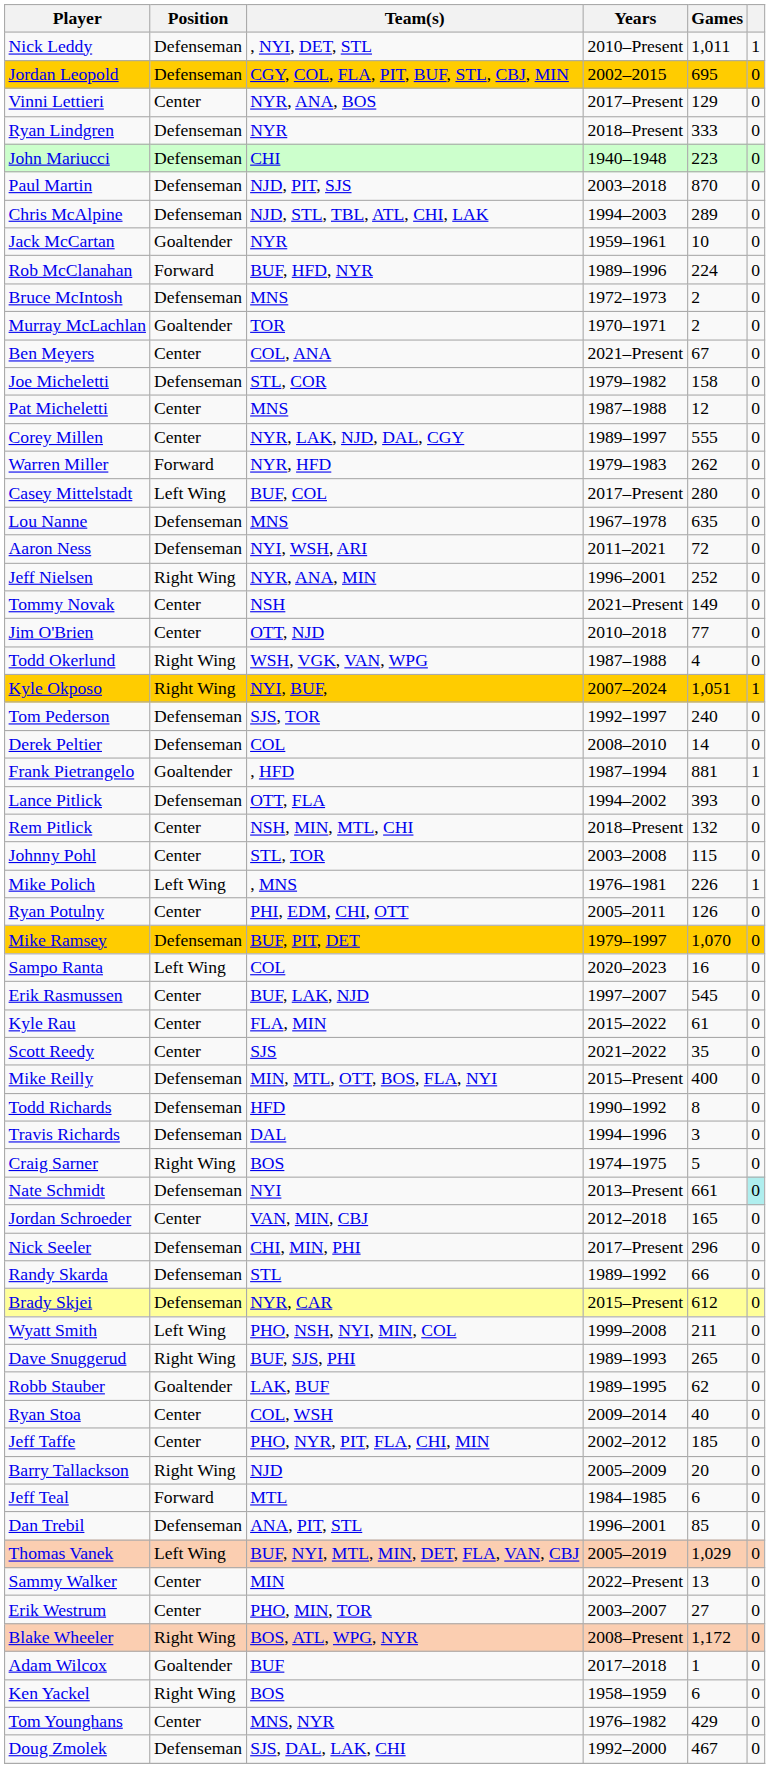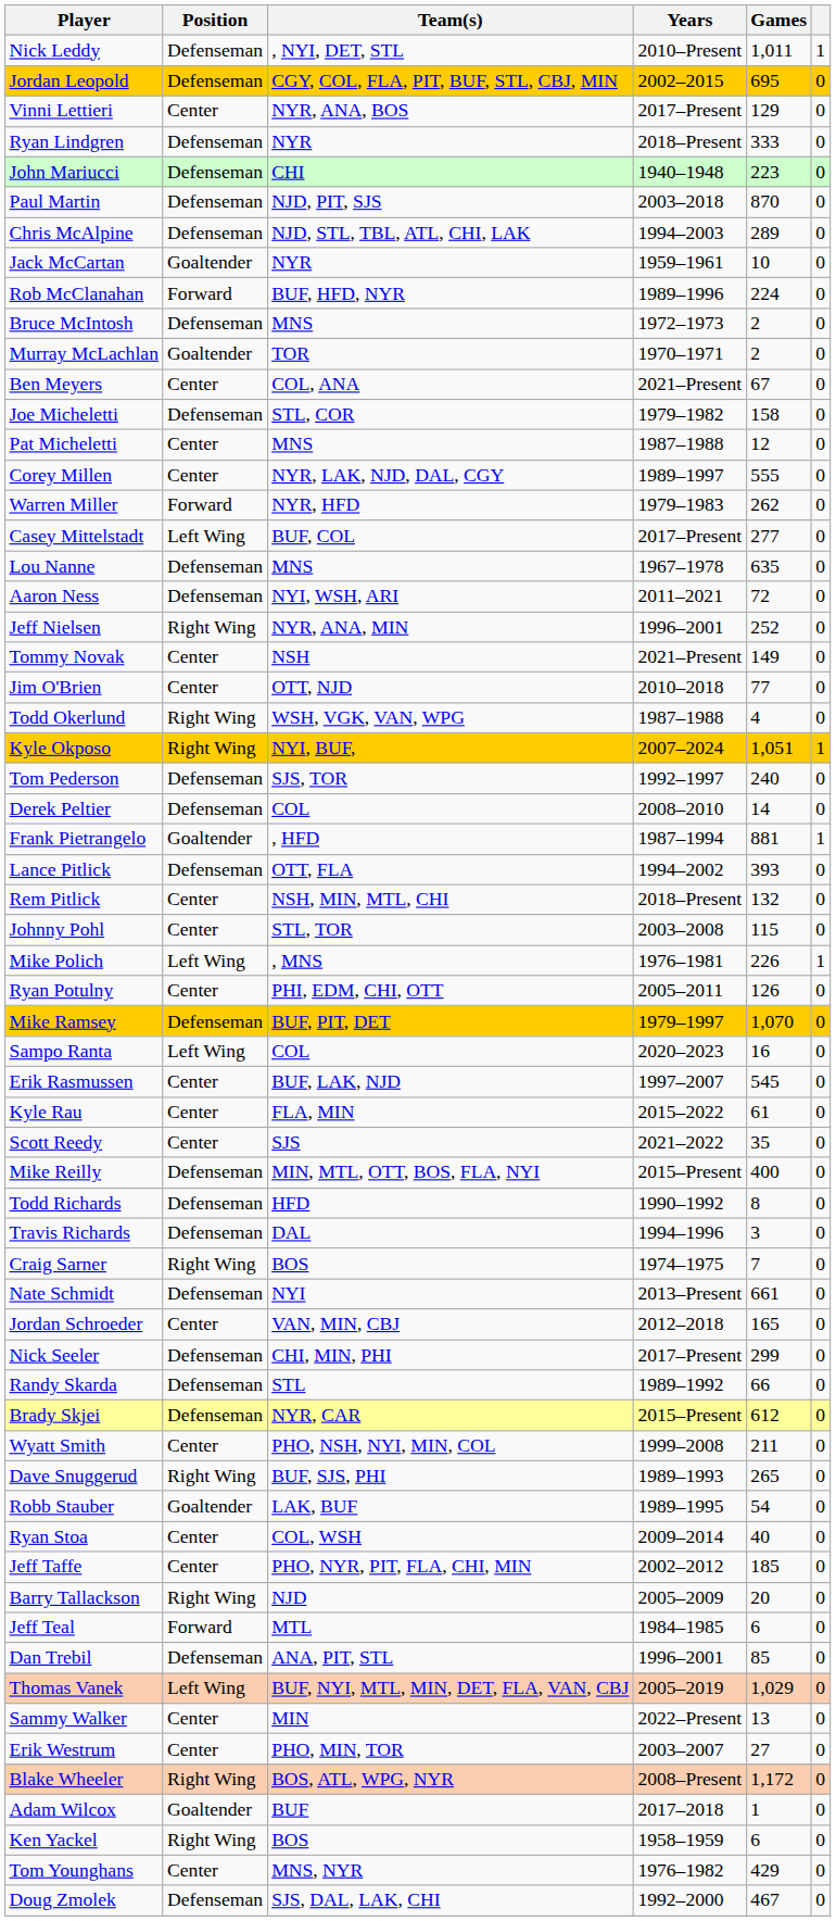 <table class="wikitable sortable">
 <tr>
 <th>Player</th>
 <th>Position</th>
 <th>Team(s)</th>
 <th>Years</th>
 <th>Games</th>
 <th><a href='#'></a></th>
 </tr>
 <tr>
 <td><a href='#'>Nick Leddy</a></td>
 <td>Defenseman</td>
 <td><span><strong></strong></span>, <a href='#'>NYI</a>, <a href='#'>DET</a>, <a href='#'>STL</a></td>
 <td>2010–Present</td>
 <td>1,011</td>
 <td>1</td>
 </tr>
 <tr bgcolor=#FFCC00>
 <td><a href='#'>Jordan Leopold</a></td>
 <td>Defenseman</td>
 <td><a href='#'>CGY</a>, <a href='#'>COL</a>, <a href='#'>FLA</a>, <a href='#'>PIT</a>, <a href='#'>BUF</a>, <a href='#'>STL</a>, <a href='#'>CBJ</a>, <a href='#'>MIN</a></td>
 <td>2002–2015</td>
 <td>695</td>
 <td>0</td>
 </tr>
 <tr>
 <td><a href='#'>Vinni Lettieri</a></td>
 <td>Center</td>
 <td><a href='#'>NYR</a>, <a href='#'>ANA</a>, <a href='#'>BOS</a></td>
 <td>2017–Present</td>
 <td>129</td>
 <td>0</td>
 </tr>
 <tr>
 <td><a href='#'>Ryan Lindgren</a></td>
 <td>Defenseman</td>
 <td><a href='#'>NYR</a></td>
 <td>2018–Present</td>
 <td>333</td>
 <td>0</td>
 </tr>
 <tr bgcolor=#ccffcc>
 <td><a href='#'>John Mariucci</a></td>
 <td>Defenseman</td>
 <td><a href='#'>CHI</a></td>
 <td>1940–1948</td>
 <td>223</td>
 <td>0</td>
 </tr>
 <tr>
 <td><a href='#'>Paul Martin</a></td>
 <td>Defenseman</td>
 <td><a href='#'>NJD</a>, <a href='#'>PIT</a>, <a href='#'>SJS</a></td>
 <td>2003–2018</td>
 <td>870</td>
 <td>0</td>
 </tr>
 <tr>
 <td><a href='#'>Chris McAlpine</a></td>
 <td>Defenseman</td>
 <td><a href='#'>NJD</a>, <a href='#'>STL</a>, <a href='#'>TBL</a>, <a href='#'>ATL</a>, <a href='#'>CHI</a>, <a href='#'>LAK</a></td>
 <td>1994–2003</td>
 <td>289</td>
 <td>0</td>
 </tr>
 <tr>
 <td><a href='#'>Jack McCartan</a></td>
 <td>Goaltender</td>
 <td><a href='#'>NYR</a></td>
 <td>1959–1961</td>
 <td>10</td>
 <td>0</td>
 </tr>
 <tr>
 <td><a href='#'>Rob McClanahan</a></td>
 <td>Forward</td>
 <td><a href='#'>BUF</a>, <a href='#'>HFD</a>, <a href='#'>NYR</a></td>
 <td>1989–1996</td>
 <td>224</td>
 <td>0</td>
 </tr>
 <tr>
 <td><a href='#'>Bruce McIntosh</a></td>
 <td>Defenseman</td>
 <td><a href='#'>MNS</a></td>
 <td>1972–1973</td>
 <td>2</td>
 <td>0</td>
 </tr>
 <tr>
 <td><a href='#'>Murray McLachlan</a></td>
 <td>Goaltender</td>
 <td><a href='#'>TOR</a></td>
 <td>1970–1971</td>
 <td>2</td>
 <td>0</td>
 </tr>
 <tr>
 <td><a href='#'>Ben Meyers</a></td>
 <td>Center</td>
 <td><a href='#'>COL</a>, <a href='#'>ANA</a></td>
 <td>2021–Present</td>
 <td>67</td>
 <td>0</td>
 </tr>
 <tr>
 <td><a href='#'>Joe Micheletti</a></td>
 <td>Defenseman</td>
 <td><a href='#'>STL</a>, <a href='#'>COR</a></td>
 <td>1979–1982</td>
 <td>158</td>
 <td>0</td>
 </tr>
 <tr>
 <td><a href='#'>Pat Micheletti</a></td>
 <td>Center</td>
 <td><a href='#'>MNS</a></td>
 <td>1987–1988</td>
 <td>12</td>
 <td>0</td>
 </tr>
 <tr>
 <td><a href='#'>Corey Millen</a></td>
 <td>Center</td>
 <td><a href='#'>NYR</a>, <a href='#'>LAK</a>, <a href='#'>NJD</a>, <a href='#'>DAL</a>, <a href='#'>CGY</a></td>
 <td>1989–1997</td>
 <td>555</td>
 <td>0</td>
 </tr>
 <tr>
 <td><a href='#'>Warren Miller</a></td>
 <td>Forward</td>
 <td><a href='#'>NYR</a>, <a href='#'>HFD</a></td>
 <td>1979–1983</td>
 <td>262</td>
 <td>0</td>
 </tr>
 <tr>
 <td><a href='#'>Casey Mittelstadt</a></td>
 <td>Left Wing</td>
 <td><a href='#'>BUF</a>, <a href='#'>COL</a></td>
 <td>2017–Present</td>
-<td>280</td>
+<td>277</td>
 <td>0</td>
 </tr>
 <tr>
 <td><a href='#'>Lou Nanne</a></td>
 <td>Defenseman</td>
 <td><a href='#'>MNS</a></td>
 <td>1967–1978</td>
 <td>635</td>
 <td>0</td>
 </tr>
 <tr>
 <td><a href='#'>Aaron Ness</a></td>
 <td>Defenseman</td>
 <td><a href='#'>NYI</a>, <a href='#'>WSH</a>, <a href='#'>ARI</a></td>
 <td>2011–2021</td>
 <td>72</td>
 <td>0</td>
 </tr>
 <tr>
 <td><a href='#'>Jeff Nielsen</a></td>
 <td>Right Wing</td>
 <td><a href='#'>NYR</a>, <a href='#'>ANA</a>, <a href='#'>MIN</a></td>
 <td>1996–2001</td>
 <td>252</td>
 <td>0</td>
 </tr>
 <tr>
 <td><a href='#'>Tommy Novak</a></td>
 <td>Center</td>
 <td><a href='#'>NSH</a></td>
 <td>2021–Present</td>
 <td>149</td>
 <td>0</td>
 </tr>
 <tr>
 <td><a href='#'>Jim O'Brien</a></td>
 <td>Center</td>
 <td><a href='#'>OTT</a>, <a href='#'>NJD</a></td>
 <td>2010–2018</td>
 <td>77</td>
 <td>0</td>
 </tr>
 <tr>
 <td><a href='#'>Todd Okerlund</a></td>
 <td>Right Wing</td>
 <td><a href='#'>WSH</a>, <a href='#'>VGK</a>, <a href='#'>VAN</a>, <a href='#'>WPG</a></td>
 <td>1987–1988</td>
 <td>4</td>
 <td>0</td>
 </tr>
 <tr bgcolor=#FFCC00>
 <td><a href='#'>Kyle Okposo</a></td>
 <td>Right Wing</td>
 <td><a href='#'>NYI</a>, <a href='#'>BUF</a>, <span><strong></strong></span></td>
 <td>2007–2024</td>
 <td>1,051</td>
 <td>1</td>
 </tr>
 <tr>
 <td><a href='#'>Tom Pederson</a></td>
 <td>Defenseman</td>
 <td><a href='#'>SJS</a>, <a href='#'>TOR</a></td>
 <td>1992–1997</td>
 <td>240</td>
 <td>0</td>
 </tr>
 <tr>
 <td><a href='#'>Derek Peltier</a></td>
 <td>Defenseman</td>
 <td><a href='#'>COL</a></td>
 <td>2008–2010</td>
 <td>14</td>
 <td>0</td>
 </tr>
 <tr>
 <td><a href='#'>Frank Pietrangelo</a></td>
 <td>Goaltender</td>
 <td><span><strong></strong></span>, <a href='#'>HFD</a></td>
 <td>1987–1994</td>
 <td>881</td>
 <td>1</td>
 </tr>
 <tr>
 <td><a href='#'>Lance Pitlick</a></td>
 <td>Defenseman</td>
 <td><a href='#'>OTT</a>, <a href='#'>FLA</a></td>
 <td>1994–2002</td>
 <td>393</td>
 <td>0</td>
 </tr>
 <tr>
 <td><a href='#'>Rem Pitlick</a></td>
 <td>Center</td>
 <td><a href='#'>NSH</a>, <a href='#'>MIN</a>, <a href='#'>MTL</a>, <a href='#'>CHI</a></td>
 <td>2018–Present</td>
 <td>132</td>
 <td>0</td>
 </tr>
 <tr>
 <td><a href='#'>Johnny Pohl</a></td>
 <td>Center</td>
 <td><a href='#'>STL</a>, <a href='#'>TOR</a></td>
 <td>2003–2008</td>
 <td>115</td>
 <td>0</td>
 </tr>
 <tr>
 <td><a href='#'>Mike Polich</a></td>
 <td>Left Wing</td>
 <td><span><strong></strong></span>, <a href='#'>MNS</a></td>
 <td>1976–1981</td>
 <td>226</td>
 <td>1</td>
 </tr>
 <tr>
 <td><a href='#'>Ryan Potulny</a></td>
 <td>Center</td>
 <td><a href='#'>PHI</a>, <a href='#'>EDM</a>, <a href='#'>CHI</a>, <a href='#'>OTT</a></td>
 <td>2005–2011</td>
 <td>126</td>
 <td>0</td>
 </tr>
 <tr bgcolor=#FFCC00>
 <td><a href='#'>Mike Ramsey</a></td>
 <td>Defenseman</td>
 <td><a href='#'>BUF</a>, <a href='#'>PIT</a>, <a href='#'>DET</a></td>
 <td>1979–1997</td>
 <td>1,070</td>
 <td>0</td>
 </tr>
 <tr>
 <td><a href='#'>Sampo Ranta</a></td>
 <td>Left Wing</td>
 <td><a href='#'>COL</a></td>
 <td>2020–2023</td>
 <td>16</td>
 <td>0</td>
 </tr>
 <tr>
 <td><a href='#'>Erik Rasmussen</a></td>
 <td>Center</td>
 <td><a href='#'>BUF</a>, <a href='#'>LAK</a>, <a href='#'>NJD</a></td>
 <td>1997–2007</td>
 <td>545</td>
 <td>0</td>
 </tr>
 <tr>
 <td><a href='#'>Kyle Rau</a></td>
 <td>Center</td>
 <td><a href='#'>FLA</a>, <a href='#'>MIN</a></td>
 <td>2015–2022</td>
 <td>61</td>
 <td>0</td>
 </tr>
 <tr>
 <td><a href='#'>Scott Reedy</a></td>
 <td>Center</td>
 <td><a href='#'>SJS</a></td>
 <td>2021–2022</td>
 <td>35</td>
 <td>0</td>
 </tr>
 <tr>
 <td><a href='#'>Mike Reilly</a></td>
 <td>Defenseman</td>
 <td><a href='#'>MIN</a>, <a href='#'>MTL</a>, <a href='#'>OTT</a>, <a href='#'>BOS</a>, <a href='#'>FLA</a>, <a href='#'>NYI</a></td>
 <td>2015–Present</td>
 <td>400</td>
 <td>0</td>
 </tr>
 <tr>
 <td><a href='#'>Todd Richards</a></td>
 <td>Defenseman</td>
 <td><a href='#'>HFD</a></td>
 <td>1990–1992</td>
 <td>8</td>
 <td>0</td>
 </tr>
 <tr>
 <td><a href='#'>Travis Richards</a></td>
 <td>Defenseman</td>
 <td><a href='#'>DAL</a></td>
 <td>1994–1996</td>
 <td>3</td>
 <td>0</td>
 </tr>
 <tr>
 <td><a href='#'>Craig Sarner</a></td>
 <td>Right Wing</td>
 <td><a href='#'>BOS</a></td>
 <td>1974–1975</td>
-<td>5</td>
+<td>7</td>
 <td>0</td>
 </tr>
 <tr>
 <td><a href='#'>Nate Schmidt</a></td>
 <td>Defenseman</td>
 <td><a href='#'>NYI</a></td>
 <td>2013–Present</td>
 <td>661</td>
-<td style="background: paleturquoise;">0</td>
+<td>0</td>
 </tr>
 <tr>
 <td><a href='#'>Jordan Schroeder</a></td>
 <td>Center</td>
 <td><a href='#'>VAN</a>, <a href='#'>MIN</a>, <a href='#'>CBJ</a></td>
 <td>2012–2018</td>
 <td>165</td>
 <td>0</td>
 </tr>
 <tr>
 <td><a href='#'>Nick Seeler</a></td>
 <td>Defenseman</td>
 <td><a href='#'>CHI</a>, <a href='#'>MIN</a>, <a href='#'>PHI</a></td>
 <td>2017–Present</td>
-<td>296</td>
+<td>299</td>
 <td>0</td>
 </tr>
 <tr>
 <td><a href='#'>Randy Skarda</a></td>
 <td>Defenseman</td>
 <td><a href='#'>STL</a></td>
 <td>1989–1992</td>
 <td>66</td>
 <td>0</td>
 </tr>
 <tr bgcolor=#FFFF99>
 <td><a href='#'>Brady Skjei</a></td>
 <td>Defenseman</td>
 <td><a href='#'>NYR</a>, <a href='#'>CAR</a></td>
 <td>2015–Present</td>
 <td>612</td>
 <td>0</td>
 </tr>
 <tr>
 <td><a href='#'>Wyatt Smith</a></td>
-<td>Left Wing</td>
+<td>Center</td>
 <td><a href='#'>PHO</a>, <a href='#'>NSH</a>, <a href='#'>NYI</a>, <a href='#'>MIN</a>, <a href='#'>COL</a></td>
 <td>1999–2008</td>
 <td>211</td>
 <td>0</td>
 </tr>
 <tr>
 <td><a href='#'>Dave Snuggerud</a></td>
 <td>Right Wing</td>
 <td><a href='#'>BUF</a>, <a href='#'>SJS</a>, <a href='#'>PHI</a></td>
 <td>1989–1993</td>
 <td>265</td>
 <td>0</td>
 </tr>
 <tr>
 <td><a href='#'>Robb Stauber</a></td>
 <td>Goaltender</td>
 <td><a href='#'>LAK</a>, <a href='#'>BUF</a></td>
 <td>1989–1995</td>
-<td>62</td>
+<td>54</td>
 <td>0</td>
 </tr>
 <tr>
 <td><a href='#'>Ryan Stoa</a></td>
 <td>Center</td>
 <td><a href='#'>COL</a>, <a href='#'>WSH</a></td>
 <td>2009–2014</td>
 <td>40</td>
 <td>0</td>
 </tr>
 <tr>
 <td><a href='#'>Jeff Taffe</a></td>
 <td>Center</td>
 <td><a href='#'>PHO</a>, <a href='#'>NYR</a>, <a href='#'>PIT</a>, <a href='#'>FLA</a>, <a href='#'>CHI</a>, <a href='#'>MIN</a></td>
 <td>2002–2012</td>
 <td>185</td>
 <td>0</td>
 </tr>
 <tr>
 <td><a href='#'>Barry Tallackson</a></td>
 <td>Right Wing</td>
 <td><a href='#'>NJD</a></td>
 <td>2005–2009</td>
 <td>20</td>
 <td>0</td>
 </tr>
 <tr>
 <td><a href='#'>Jeff Teal</a></td>
 <td>Forward</td>
 <td><a href='#'>MTL</a></td>
 <td>1984–1985</td>
 <td>6</td>
 <td>0</td>
 </tr>
 <tr>
 <td><a href='#'>Dan Trebil</a></td>
 <td>Defenseman</td>
 <td><a href='#'>ANA</a>, <a href='#'>PIT</a>, <a href='#'>STL</a></td>
 <td>1996–2001</td>
 <td>85</td>
 <td>0</td>
 </tr>
 <tr bgcolor=#FBCEB1>
 <td><a href='#'>Thomas Vanek</a></td>
 <td>Left Wing</td>
 <td><a href='#'>BUF</a>, <a href='#'>NYI</a>, <a href='#'>MTL</a>, <a href='#'>MIN</a>, <a href='#'>DET</a>, <a href='#'>FLA</a>, <a href='#'>VAN</a>, <a href='#'>CBJ</a></td>
 <td>2005–2019</td>
 <td>1,029</td>
 <td>0</td>
 </tr>
 <tr>
 <td><a href='#'>Sammy Walker</a></td>
 <td>Center</td>
 <td><a href='#'>MIN</a></td>
 <td>2022–Present</td>
 <td>13</td>
 <td>0</td>
 </tr>
 <tr>
 <td><a href='#'>Erik Westrum</a></td>
 <td>Center</td>
 <td><a href='#'>PHO</a>, <a href='#'>MIN</a>, <a href='#'>TOR</a></td>
 <td>2003–2007</td>
 <td>27</td>
 <td>0</td>
 </tr>
 <tr bgcolor=#FBCEB1>
 <td><a href='#'>Blake Wheeler</a></td>
 <td>Right Wing</td>
 <td><a href='#'>BOS</a>, <a href='#'>ATL</a>, <a href='#'>WPG</a>, <a href='#'>NYR</a></td>
 <td>2008–Present</td>
 <td>1,172</td>
 <td>0</td>
 </tr>
 <tr>
 <td><a href='#'>Adam Wilcox</a></td>
 <td>Goaltender</td>
 <td><a href='#'>BUF</a></td>
 <td>2017–2018</td>
 <td>1</td>
 <td>0</td>
 </tr>
 <tr>
 <td><a href='#'>Ken Yackel</a></td>
 <td>Right Wing</td>
 <td><a href='#'>BOS</a></td>
 <td>1958–1959</td>
 <td>6</td>
 <td>0</td>
 </tr>
 <tr>
 <td><a href='#'>Tom Younghans</a></td>
 <td>Center</td>
 <td><a href='#'>MNS</a>, <a href='#'>NYR</a></td>
 <td>1976–1982</td>
 <td>429</td>
 <td>0</td>
 </tr>
 <tr>
 <td><a href='#'>Doug Zmolek</a></td>
 <td>Defenseman</td>
 <td><a href='#'>SJS</a>, <a href='#'>DAL</a>, <a href='#'>LAK</a>, <a href='#'>CHI</a></td>
 <td>1992–2000</td>
 <td>467</td>
 <td>0</td>
 </tr>
 <tr>
 </tr>
 </table>
